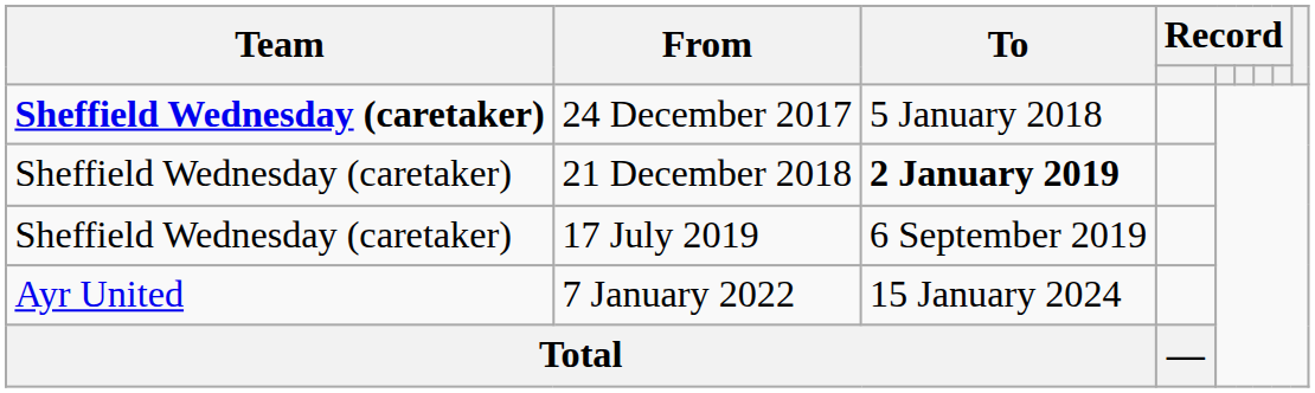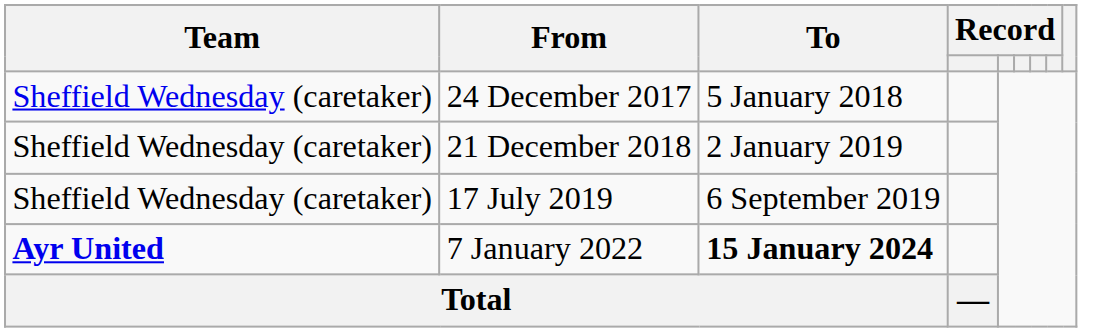 <table class=wikitable style=text-align:center>
 <tr>
 <th rowspan=2>Team</th>
 <th rowspan=2>From</th>
 <th rowspan=2>To</th>
 <th colspan=5>Record</th>
 <th rowspan=2></th>
 </tr>
 <tr>
 <th></th>
 <th></th>
 <th></th>
 <th></th>
 <th></th>
 </tr>
 <tr>
-<td align=left><strong><a href='#'>Sheffield Wednesday</a> (caretaker)</strong></td>
+<td align=left><a href='#'>Sheffield Wednesday</a> (caretaker)</td>
 <td align=left>24 December 2017</td>
 <td align=left>5 January 2018<br></td>
 <td></td>
 </tr>
 <tr>
 <td align=left>Sheffield Wednesday (caretaker)</td>
 <td align=left>21 December 2018</td>
-<td align=left><strong>2 January 2019<br></strong></td>
+<td align=left>2 January 2019<br></td>
 <td></td>
 </tr>
 <tr>
 <td align=left>Sheffield Wednesday (caretaker)</td>
 <td align=left>17 July 2019</td>
 <td align=left>6 September 2019<br></td>
 <td></td>
 </tr>
 <tr>
-<td align=left><a href='#'>Ayr United</a></td>
+<td align=left><strong><a href='#'>Ayr United</a></strong></td>
 <td align=left>7 January 2022</td>
-<td align=left>15 January 2024<br></td>
+<td align=left><strong>15 January 2024<br></strong></td>
 <td></td>
 </tr>
 <tr>
 <th colspan=3>Total<br></th>
 <th>—</th>
 </tr>
 </table>
